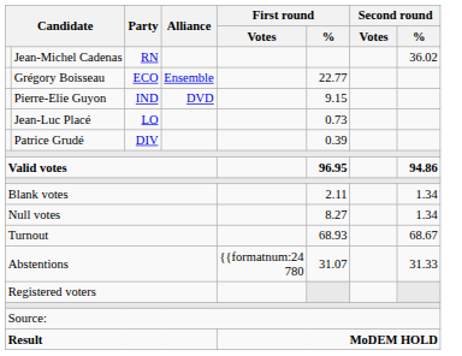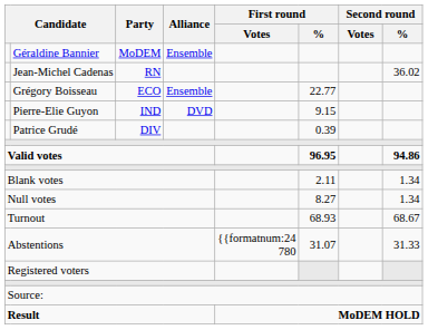 <table class="wikitable" style="text-align:right;font-size:95%;">
 <tr>
 <th colspan="2" rowspan="2">Candidate</th>
 <th colspan="1" rowspan="2">Party</th>
 <th colspan="1" rowspan="2">Alliance</th>
 <th colspan="2">First round</th>
 <th colspan="2">Second round</th>
 </tr>
 <tr>
 <th style="width:50px;">Votes</th>
 <th style="width:45px;">%</th>
 <th style="width:50px;">Votes</th>
 <th style="width:45px;">%</th>
+</tr>
+<tr>
+<td style="color:inherit;background:"></td>
+<td style="text-align:left;"><a href='#'>Géraldine Bannier</a></td>
+<td><a href='#'>MoDEM</a></td>
+<td><a href='#'>Ensemble</a></td>
+<td></td>
+<td></td>
+<td><strong></strong></td>
+<td><strong></strong></td>
 </tr>
 <tr>
 <td style="color:inherit;background:"></td>
 <td style="text-align:left;">Jean-Michel Cadenas</td>
 <td><a href='#'>RN</a></td>
 <td></td>
 <td></td>
 <td></td>
 <td></td>
 <td>36.02</td>
 </tr>
 <tr>
 <td style="color:inherit;background:"></td>
 <td style="text-align:left;">Grégory Boisseau</td>
 <td><a href='#'>ECO</a></td>
 <td><a href='#'>Ensemble</a></td>
 <td></td>
 <td>22.77</td>
 <td></td>
 <td></td>
 </tr>
 <tr>
 <td style="color:inherit;background:"></td>
 <td style="text-align:left;">Pierre-Elie Guyon</td>
 <td><a href='#'>IND</a></td>
 <td><a href='#'>DVD</a></td>
 <td></td>
 <td>9.15</td>
-<td></td>
-<td></td>
-</tr>
-<tr>
-<td style="color:inherit;background:"></td>
-<td style="text-align:left;">Jean-Luc Placé</td>
-<td><a href='#'>LO</a></td>
-<td></td>
-<td></td>
-<td>0.73</td>
 <td></td>
 <td></td>
 </tr>
 <tr>
 <td style="color:inherit;background:"></td>
 <td style="text-align:left;">Patrice Grudé</td>
 <td><a href='#'>DIV</a></td>
 <td></td>
 <td></td>
 <td>0.39</td>
 <td></td>
 <td></td>
 </tr>
 <tr>
 <td colspan="8" style="background:#E9E9E9;"></td>
 </tr>
 <tr style="font-weight:bold;">
 <td colspan="4" style="text-align:left;">Valid votes</td>
 <td></td>
 <td>96.95</td>
 <td></td>
 <td>94.86</td>
 </tr>
 <tr>
 <td colspan="8" style="background:#E9E9E9;"></td>
 </tr>
 <tr>
 <td colspan="4" style="text-align:left;">Blank votes</td>
 <td></td>
 <td>2.11</td>
 <td></td>
 <td>1.34</td>
 </tr>
 <tr>
 <td colspan="4" style="text-align:left;">Null votes</td>
 <td></td>
 <td>8.27</td>
 <td></td>
 <td>1.34</td>
 </tr>
 <tr>
 <td colspan="4" style="text-align:left;">Turnout</td>
 <td></td>
 <td>68.93</td>
 <td></td>
 <td>68.67</td>
 </tr>
 <tr>
 <td colspan="4" style="text-align:left;">Abstentions</td>
 <td>{{formatnum:24 780</td>
 <td>31.07</td>
 <td></td>
 <td>31.33</td>
 </tr>
 <tr>
 <td colspan="4" style="text-align:left;">Registered voters</td>
 <td></td>
 <td style="background:#E9E9E9;"></td>
 <td></td>
 <td style="background:#E9E9E9;"></td>
 </tr>
 <tr>
 <td colspan="8" style="background:#E9E9E9;"></td>
 </tr>
 <tr>
 <td colspan="8" style="text-align:left;">Source: </td>
 </tr>
 <tr style="font-weight:bold">
 <td colspan="4" style="text-align:left;">Result</td>
 <td colspan="4" style="background-color:">MoDEM HOLD</td>
 </tr>
 </table>
